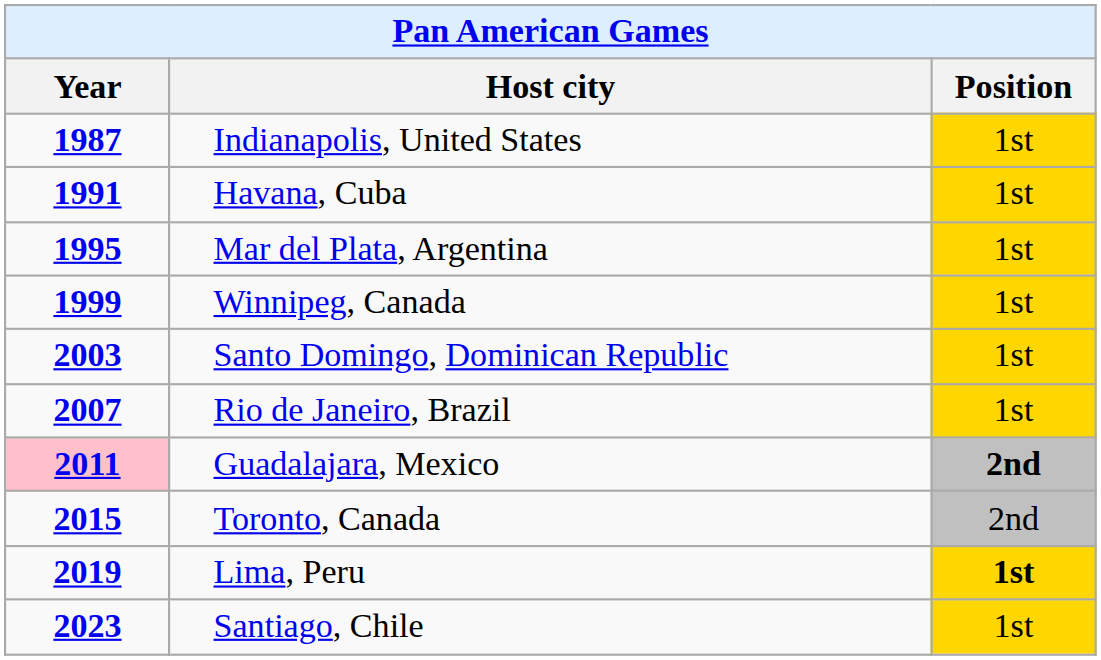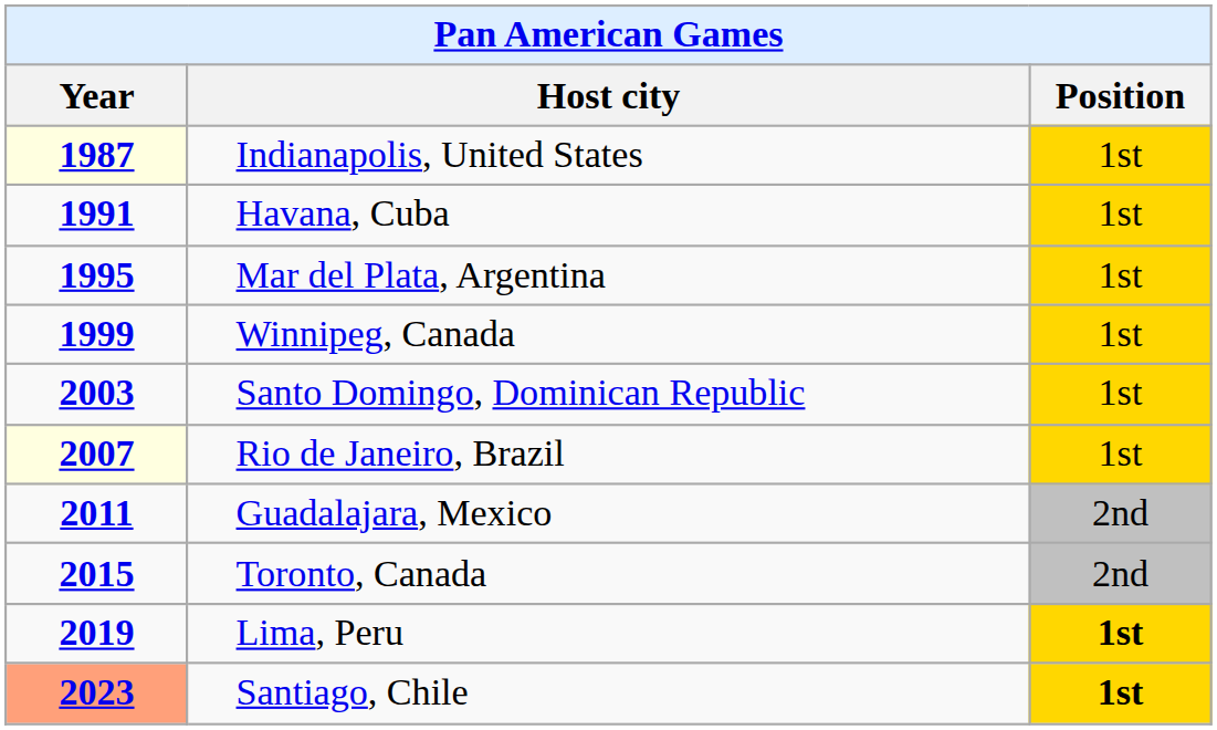 <table class="wikitable" style="text-align: center;">
 <tr>
 <th colspan=3 style="background-color: #ddeeff;"><a href='#'>Pan American Games</a></th>
 </tr>
 <tr>
 <th style="width: 70px;">Year</th>
 <th style="width: 350px;">Host city</th>
 <th style="width: 70px;">Position</th>
 </tr>
 <tr>
-<td><strong><a href='#'>1987</a></strong></td>
+<td style="background: lightyellow;"><strong><a href='#'>1987</a></strong></td>
 <td style="text-align: left; padding-left: 20px;"> <a href='#'>Indianapolis</a>, United States</td>
 <td style="background-color: gold;">1st</td>
 </tr>
 <tr>
 <td><strong><a href='#'>1991</a></strong></td>
 <td style="text-align: left; padding-left: 20px;"> <a href='#'>Havana</a>, Cuba</td>
 <td style="background-color: gold;">1st</td>
 </tr>
 <tr>
 <td><strong><a href='#'>1995</a></strong></td>
 <td style="text-align: left; padding-left: 20px;"> <a href='#'>Mar del Plata</a>, Argentina</td>
 <td style="background-color: gold;">1st</td>
 </tr>
 <tr>
 <td><strong><a href='#'>1999</a></strong></td>
 <td style="text-align: left; padding-left: 20px;"> <a href='#'>Winnipeg</a>, Canada</td>
 <td style="background-color: gold;">1st</td>
 </tr>
 <tr>
 <td><strong><a href='#'>2003</a></strong></td>
 <td style="text-align: left; padding-left: 20px;"> <a href='#'>Santo Domingo</a>, <a href='#'>Dominican Republic</a></td>
 <td style="background-color: gold;">1st</td>
 </tr>
 <tr>
-<td><strong><a href='#'>2007</a></strong></td>
+<td style="background: lightyellow;"><strong><a href='#'>2007</a></strong></td>
 <td style="text-align: left; padding-left: 20px;"> <a href='#'>Rio de Janeiro</a>, Brazil</td>
 <td style="background-color: gold;">1st</td>
 </tr>
 <tr>
-<td style="background: pink;"><strong><a href='#'>2011</a></strong></td>
+<td><strong><a href='#'>2011</a></strong></td>
 <td style="text-align: left; padding-left: 20px;"> <a href='#'>Guadalajara</a>, Mexico</td>
-<td style="background-color: silver;"><strong>2nd</strong></td>
+<td style="background-color: silver;">2nd</td>
 </tr>
 <tr>
 <td><strong><a href='#'>2015</a></strong></td>
 <td style="text-align: left; padding-left: 20px;"> <a href='#'>Toronto</a>, Canada</td>
 <td style="background-color: silver;">2nd</td>
 </tr>
 <tr>
 <td><strong><a href='#'>2019</a></strong></td>
 <td style="text-align: left; padding-left: 20px;"> <a href='#'>Lima</a>, Peru</td>
 <td style="background-color: gold;"><strong>1st</strong></td>
 </tr>
 <tr>
-<td><strong><a href='#'>2023</a></strong></td>
+<td style="background: lightsalmon;"><strong><a href='#'>2023</a></strong></td>
 <td style="text-align: left; padding-left: 20px;"> <a href='#'>Santiago</a>, Chile</td>
-<td style="background-color: gold;">1st</td>
+<td style="background-color: gold;"><strong>1st</strong></td>
 </tr>
 </table>
